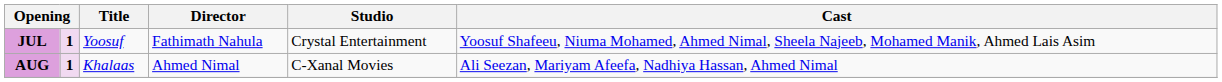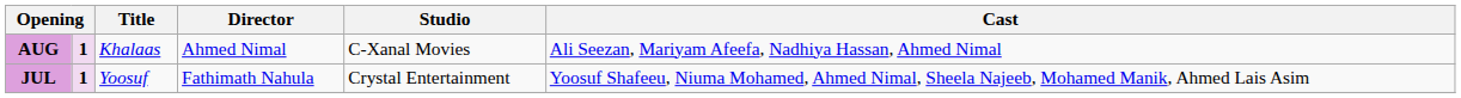 <table class="wikitable plainrowheaders" width="100%">
 <tr>
 <th scope="col" colspan="2">Opening</th>
 <th scope="col">Title</th>
 <th scope="col">Director</th>
 <th scope="col">Studio</th>
 <th scope="col">Cast</th>
+</tr>
+<tr>
+<td style="text-align:center; background:plum; textcolor:#000;"><strong>AUG</strong></td>
+<td style="text-align:center; background:#f1daf1;"><strong>1</strong></td>
+<td><em><a href='#'>Khalaas</a></em></td>
+<td><a href='#'>Ahmed Nimal</a></td>
+<td>C-Xanal Movies</td>
+<td><a href='#'>Ali Seezan</a>, <a href='#'>Mariyam Afeefa</a>, <a href='#'>Nadhiya Hassan</a>, <a href='#'>Ahmed Nimal</a></td>
 </tr>
 <tr>
 <td style="text-align:center; background:plum; textcolor:#000;"><strong>JUL</strong></td>
 <td style="text-align:center; background:#f1daf1;"><strong>1</strong></td>
 <td><em><a href='#'>Yoosuf</a></em></td>
 <td><a href='#'>Fathimath Nahula</a></td>
 <td>Crystal Entertainment</td>
 <td><a href='#'>Yoosuf Shafeeu</a>, <a href='#'>Niuma Mohamed</a>, <a href='#'>Ahmed Nimal</a>, <a href='#'>Sheela Najeeb</a>, <a href='#'>Mohamed Manik</a>, Ahmed Lais Asim</td>
 </tr>
 <tr>
-<td style="text-align:center; background:plum; textcolor:#000;"><strong>AUG</strong></td>
-<td style="text-align:center; background:#f1daf1;"><strong>1</strong></td>
-<td><em><a href='#'>Khalaas</a></em></td>
-<td><a href='#'>Ahmed Nimal</a></td>
-<td>C-Xanal Movies</td>
-<td><a href='#'>Ali Seezan</a>, <a href='#'>Mariyam Afeefa</a>, <a href='#'>Nadhiya Hassan</a>, <a href='#'>Ahmed Nimal</a></td>
-</tr>
-<tr>
 </tr>
 </table>
